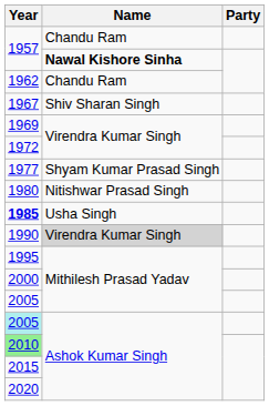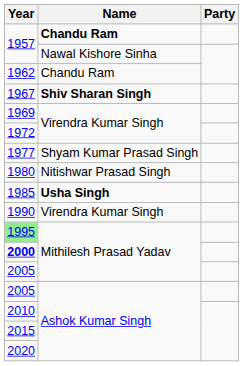 <table class="wikitable sortable">
 <tr>
 <th>Year</th>
 <th>Name</th>
 <th colspan="2">Party</th>
 </tr>
 <tr>
 <td rowspan="2"><a href='#'>1957</a></td>
-<td>Chandu Ram</td>
+<td><strong>Chandu Ram</strong></td>
 <td></td>
 </tr>
 <tr>
-<td><strong>Nawal Kishore Sinha</strong></td>
+<td>Nawal Kishore Sinha</td>
 </tr>
 <tr>
 <td><a href='#'>1962</a></td>
 <td>Chandu Ram</td>
 </tr>
 <tr>
 <td><a href='#'>1967</a></td>
-<td>Shiv Sharan Singh</td>
+<td><strong>Shiv Sharan Singh</strong></td>
 <td></td>
 </tr>
 <tr>
 <td><a href='#'>1969</a></td>
 <td rowspan="2">Virendra Kumar Singh</td>
 <td></td>
 </tr>
 <tr>
 <td><a href='#'>1972</a></td>
 </tr>
 <tr>
 <td><a href='#'>1977</a></td>
 <td>Shyam Kumar Prasad Singh</td>
 <td></td>
 </tr>
 <tr>
 <td><a href='#'>1980</a></td>
 <td>Nitishwar Prasad Singh</td>
 <td></td>
 </tr>
 <tr>
-<td><strong><a href='#'>1985</a></strong></td>
-<td>Usha Singh</td>
+<td><a href='#'>1985</a></td>
+<td><strong>Usha Singh</strong></td>
 <td></td>
 </tr>
 <tr>
 <td><a href='#'>1990</a></td>
-<td style="background: lightgrey;">Virendra Kumar Singh</td>
+<td>Virendra Kumar Singh</td>
 <td></td>
 </tr>
 <tr>
-<td><a href='#'>1995</a></td>
+<td style="background: lightgreen;"><a href='#'>1995</a></td>
 <td rowspan="3">Mithilesh Prasad Yadav</td>
 <td></td>
 </tr>
 <tr>
-<td><a href='#'>2000</a></td>
+<td><strong><a href='#'>2000</a></strong></td>
 <td></td>
 </tr>
 <tr>
 <td><a href='#'>2005</a></td>
 </tr>
 <tr>
-<td style="background: paleturquoise;"><a href='#'>2005</a></td>
+<td><a href='#'>2005</a></td>
 <td rowspan="4"><a href='#'>Ashok Kumar Singh</a></td>
 <td></td>
 </tr>
 <tr>
-<td style="background: lightgreen;"><a href='#'>2010</a></td>
+<td><a href='#'>2010</a></td>
 </tr>
 <tr>
 <td><a href='#'>2015</a></td>
 </tr>
 <tr>
 <td><a href='#'>2020</a></td>
 </tr>
 </table>
